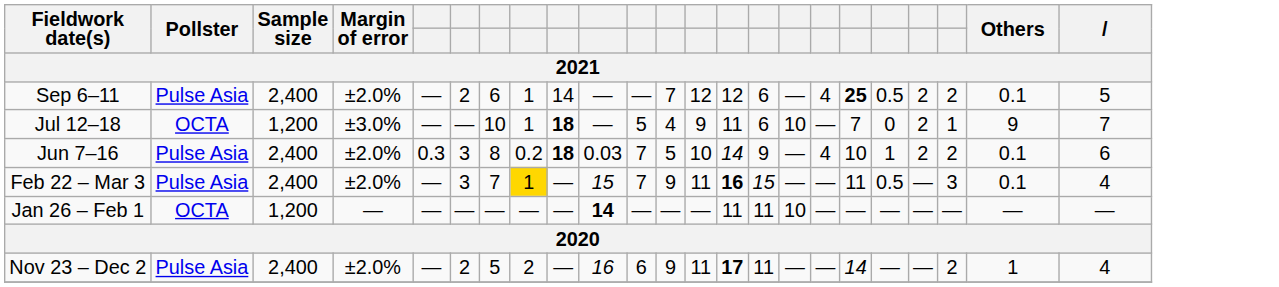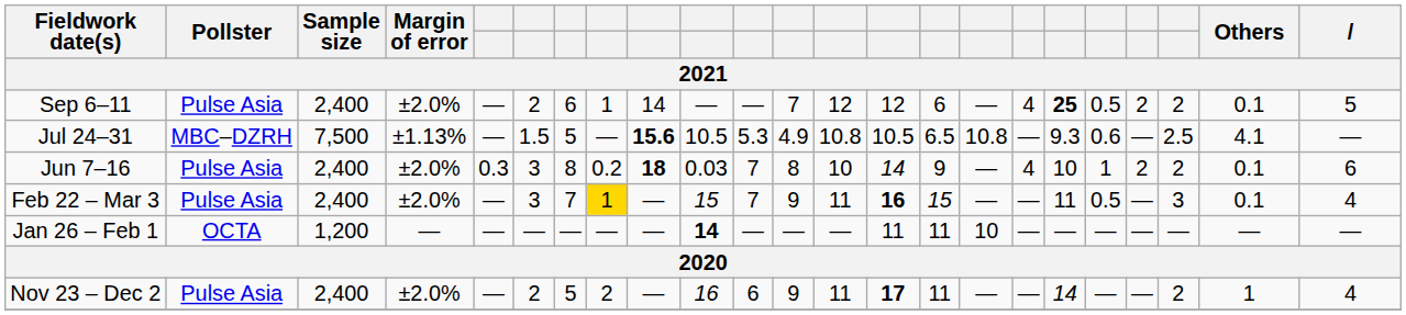 <table class="wikitable sortable" style="text-align:center;font-size:90%;line-height:14px">
 <tr>
 <th rowspan="2">Fieldwork<br>date(s)</th>
 <th rowspan="2">Pollster</th>
 <th rowspan="2">Sample<br>size</th>
 <th rowspan="2">Margin<br>of error</th>
 <th></th>
 <th></th>
 <th></th>
 <th></th>
 <th></th>
 <th></th>
 <th></th>
 <th></th>
 <th></th>
 <th></th>
 <th></th>
 <th></th>
 <th></th>
 <th></th>
 <th></th>
 <th></th>
 <th></th>
 <th rowspan="2" class="unsortable" style="width:60px;">Others</th>
 <th rowspan="2" class="unsortable" style="width:60px;">/<br></th>
 </tr>
 <tr>
 <th></th>
 <th></th>
 <th></th>
 <th></th>
 <th></th>
 <th></th>
 <th></th>
 <th></th>
 <th></th>
 <th></th>
 <th></th>
 <th></th>
 <th></th>
 <th></th>
 <th></th>
 <th></th>
 <th></th>
 </tr>
 <tr>
 <th colspan="23">2021</th>
 </tr>
 <tr>
 <td data-sort-value="2021-09-11">Sep 6–11</td>
 <td><a href='#'>Pulse Asia</a></td>
 <td>2,400</td>
 <td>±2.0%</td>
 <td>—</td>
 <td>2</td>
 <td>6</td>
 <td>1</td>
 <td>14</td>
 <td>—</td>
 <td>—</td>
 <td>7</td>
 <td>12</td>
 <td>12</td>
 <td>6</td>
 <td>—</td>
 <td>4</td>
 <td style="background:#"><strong>25</strong></td>
 <td>0.5</td>
 <td>2</td>
 <td>2</td>
 <td>0.1</td>
 <td>5</td>
 </tr>
 <tr>
-<td data-sort-value="2021-07-18">Jul 12–18</td>
-<td><a href='#'>OCTA</a></td>
-<td>1,200</td>
-<td>±3.0%</td>
+<td data-sort-value="2021-07-31">Jul 24–31</td>
+<td><a href='#'>MBC</a>–<a href='#'>DZRH</a></td>
+<td>7,500</td>
+<td>±1.13%</td>
 <td>—</td>
+<td>1.5</td>
+<td>5</td>
 <td>—</td>
-<td>10</td>
-<td>1</td>
-<td style="background:#"><strong>18</strong></td>
+<td style="background:#"><strong>15.6</strong></td>
+<td>10.5</td>
+<td>5.3</td>
+<td>4.9</td>
+<td>10.8</td>
+<td>10.5</td>
+<td>6.5</td>
+<td>10.8</td>
 <td>—</td>
-<td>5</td>
-<td>4</td>
-<td>9</td>
-<td>11</td>
-<td>6</td>
-<td>10</td>
+<td>9.3</td>
+<td>0.6</td>
 <td>—</td>
-<td>7</td>
-<td>0</td>
-<td>2</td>
-<td>1</td>
-<td>9</td>
-<td>7</td>
+<td>2.5</td>
+<td>4.1</td>
+<td>—</td>
 </tr>
 <tr>
 <td data-sort-value="2021-06-16">Jun 7–16</td>
 <td><a href='#'>Pulse Asia</a></td>
 <td>2,400</td>
 <td>±2.0%</td>
 <td>0.3</td>
 <td>3</td>
 <td>8</td>
 <td>0.2</td>
 <td style="background:#"><strong>18</strong></td>
 <td>0.03</td>
 <td>7</td>
-<td>5</td>
+<td>8</td>
 <td>10</td>
 <td style="background:#"><em>14</em></td>
 <td>9</td>
 <td>—</td>
 <td>4</td>
 <td>10</td>
 <td>1</td>
 <td>2</td>
 <td>2</td>
 <td>0.1</td>
 <td>6</td>
 </tr>
 <tr>
 <td data-sort-value="2021-03-03">Feb 22 – Mar 3</td>
 <td><a href='#'>Pulse Asia</a></td>
 <td>2,400</td>
 <td>±2.0%</td>
 <td>—</td>
 <td>3</td>
 <td>7</td>
 <td style="background: gold;">1</td>
 <td>—</td>
 <td style="background:#"><em>15</em></td>
 <td>7</td>
 <td>9</td>
 <td>11</td>
 <td style="background:#"><strong>16</strong></td>
 <td style="background:#"><em>15</em></td>
 <td>—</td>
 <td>—</td>
 <td>11</td>
 <td>0.5</td>
 <td>—</td>
 <td>3</td>
 <td>0.1</td>
 <td>4</td>
 </tr>
 <tr>
 <td data-sort-value="2021-02-01">Jan 26 – Feb 1</td>
 <td><a href='#'>OCTA</a></td>
 <td>1,200</td>
 <td>—</td>
 <td>—</td>
 <td>—</td>
 <td>—</td>
 <td>—</td>
 <td>—</td>
 <td style="background:#"><strong>14</strong></td>
 <td>—</td>
 <td>—</td>
 <td>—</td>
 <td>11</td>
 <td>11</td>
 <td>10</td>
 <td>—</td>
 <td>—</td>
 <td>—</td>
 <td>—</td>
 <td>—</td>
 <td>—</td>
 <td>—</td>
 </tr>
 <tr>
 <th colspan="23">2020</th>
 </tr>
 <tr>
 <td data-sort-value="2020-12-02">Nov 23 – Dec 2</td>
 <td><a href='#'>Pulse Asia</a></td>
 <td>2,400</td>
 <td>±2.0%</td>
 <td>—</td>
 <td>2</td>
 <td>5</td>
 <td>2</td>
 <td>—</td>
 <td style="background:#"><em>16</em></td>
 <td>6</td>
 <td>9</td>
 <td>11</td>
 <td style="background:#"><strong>17</strong></td>
 <td>11</td>
 <td>—</td>
 <td>—</td>
 <td style="background:#"><em>14</em></td>
 <td>—</td>
 <td>—</td>
 <td>2</td>
 <td>1</td>
 <td>4</td>
 </tr>
 <tr>
 </tr>
 </table>
